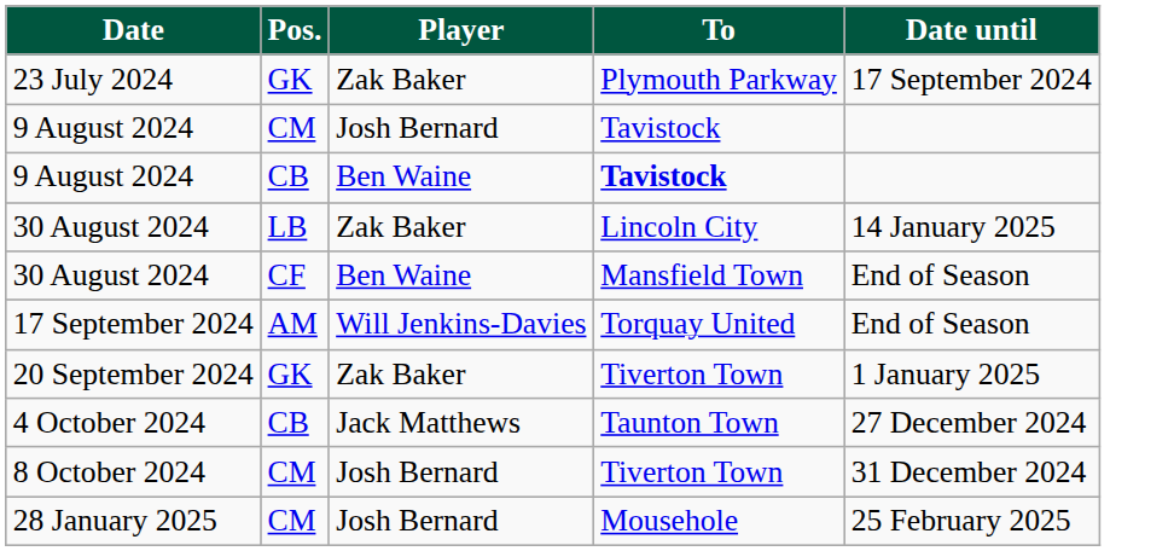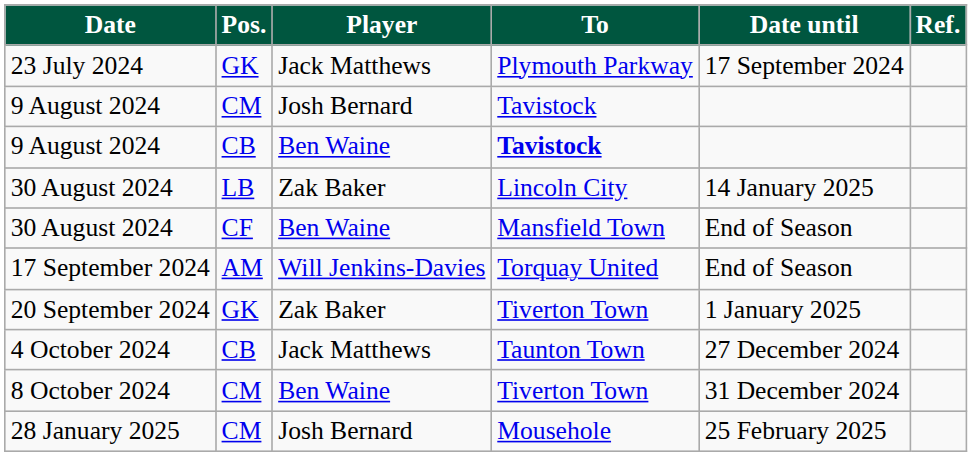 <table class="wikitable plainrowheaders sortable">
 <tr>
 <th style="background:#00563F;color:#FFFFFF;">Date</th>
 <th style="background:#00563F;color:#FFFFFF;">Pos.</th>
 <th style="background:#00563F;color:#FFFFFF;">Player</th>
 <th style="background:#00563F;color:#FFFFFF;">To</th>
 <th style="background:#00563F;color:#FFFFFF;">Date until</th>
+<th style="background:#00563F;color:#FFFFFF;">Ref.</th>
 </tr>
 <tr>
 <td>23 July 2024</td>
 <td><a href='#'>GK</a></td>
-<td> Zak Baker</td>
+<td> Jack Matthews</td>
 <td> <a href='#'>Plymouth Parkway</a></td>
 <td>17 September 2024</td>
+<td></td>
 </tr>
 <tr>
 <td>9 August 2024</td>
 <td><a href='#'>CM</a></td>
 <td> Josh Bernard</td>
 <td> <a href='#'>Tavistock</a></td>
+<td></td>
 <td></td>
 </tr>
 <tr>
 <td>9 August 2024</td>
 <td><a href='#'>CB</a></td>
 <td> <a href='#'>Ben Waine</a></td>
 <td><strong> <a href='#'>Tavistock</a></strong></td>
 <td></td>
+<td></td>
 </tr>
 <tr>
 <td>30 August 2024</td>
 <td><a href='#'>LB</a></td>
 <td> Zak Baker</td>
 <td> <a href='#'>Lincoln City</a></td>
 <td>14 January 2025</td>
+<td></td>
 </tr>
 <tr>
 <td>30 August 2024</td>
 <td><a href='#'>CF</a></td>
 <td> <a href='#'>Ben Waine</a></td>
 <td> <a href='#'>Mansfield Town</a></td>
 <td>End of Season</td>
+<td></td>
 </tr>
 <tr>
 <td>17 September 2024</td>
 <td><a href='#'>AM</a></td>
 <td> <a href='#'>Will Jenkins-Davies</a></td>
 <td> <a href='#'>Torquay United</a></td>
 <td>End of Season</td>
+<td></td>
 </tr>
 <tr>
 <td>20 September 2024</td>
 <td><a href='#'>GK</a></td>
 <td> Zak Baker</td>
 <td> <a href='#'>Tiverton Town</a></td>
 <td>1 January 2025</td>
+<td></td>
 </tr>
 <tr>
 <td>4 October 2024</td>
 <td><a href='#'>CB</a></td>
 <td> Jack Matthews</td>
 <td> <a href='#'>Taunton Town</a></td>
 <td>27 December 2024</td>
+<td></td>
 </tr>
 <tr>
 <td>8 October 2024</td>
 <td><a href='#'>CM</a></td>
-<td> Josh Bernard</td>
+<td> <a href='#'>Ben Waine</a></td>
 <td> <a href='#'>Tiverton Town</a></td>
 <td>31 December 2024</td>
+<td></td>
 </tr>
 <tr>
 <td>28 January 2025</td>
 <td><a href='#'>CM</a></td>
 <td> Josh Bernard</td>
 <td> <a href='#'>Mousehole</a></td>
 <td>25 February 2025</td>
+<td></td>
 </tr>
 </table>
